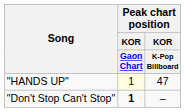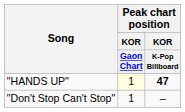 <table class="wikitable sortable" style="text-align:center;">
 <tr>
 <th rowspan="3">Song</th>
 <th colspan="9">Peak chart position</th>
 </tr>
 <tr>
 <th colspan="1" width="30"><small>KOR</small></th>
 <th colspan width="30"><small>KOR</small></th>
 </tr>
 <tr style="font-size:smaller;">
 <th><a href='#'>Gaon Chart</a></th>
 <th width="30"><small>K-Pop Billboard</small></th>
 </tr>
 <tr>
 <td align="left">"HANDS UP"</td>
 <td style="background: lightyellow;">1</td>
-<td>47</td>
+<td><strong>47</strong></td>
 </tr>
 <tr>
 <td align="left">"Don't Stop Can't Stop"</td>
-<td><strong>1</strong></td>
+<td>1</td>
 <td>–</td>
 </tr>
 </table>
